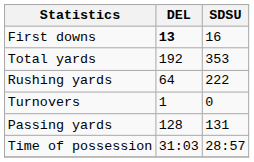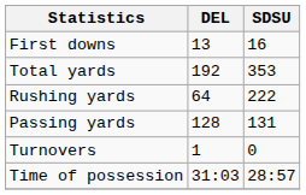 <table class="wikitable">
 <tr>
 <th>Statistics</th>
 <th>DEL</th>
 <th>SDSU</th>
 </tr>
 <tr>
 <td>First downs</td>
-<td><strong>13</strong></td>
+<td>13</td>
 <td>16</td>
 </tr>
 <tr>
 <td>Total yards</td>
 <td>192</td>
 <td>353</td>
 </tr>
 <tr>
 <td>Rushing yards</td>
 <td>64</td>
 <td>222</td>
 </tr>
 <tr>
+<td>Passing yards</td>
+<td>128</td>
+<td>131</td>
+</tr>
+<tr>
 <td>Turnovers</td>
 <td>1</td>
 <td>0</td>
-</tr>
-<tr>
-<td>Passing yards</td>
-<td>128</td>
-<td>131</td>
 </tr>
 <tr>
 <td>Time of possession</td>
 <td>31:03</td>
 <td>28:57</td>
 </tr>
 <tr>
 </tr>
 </table>
